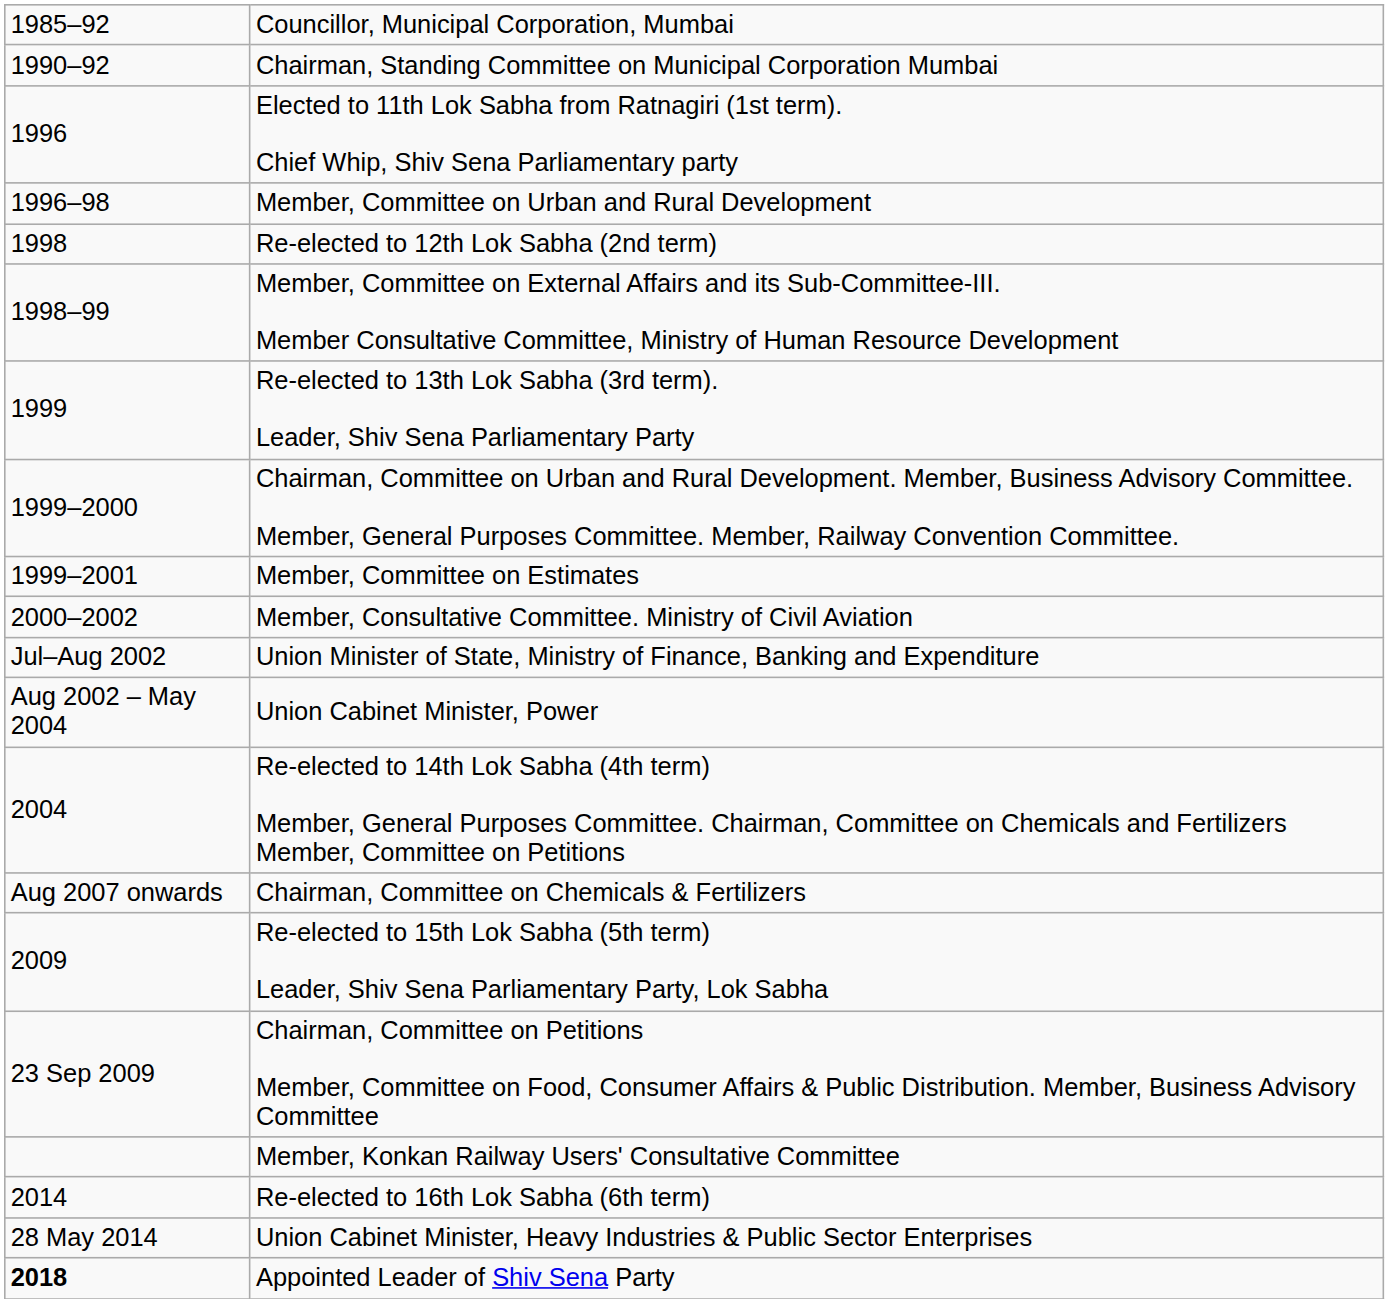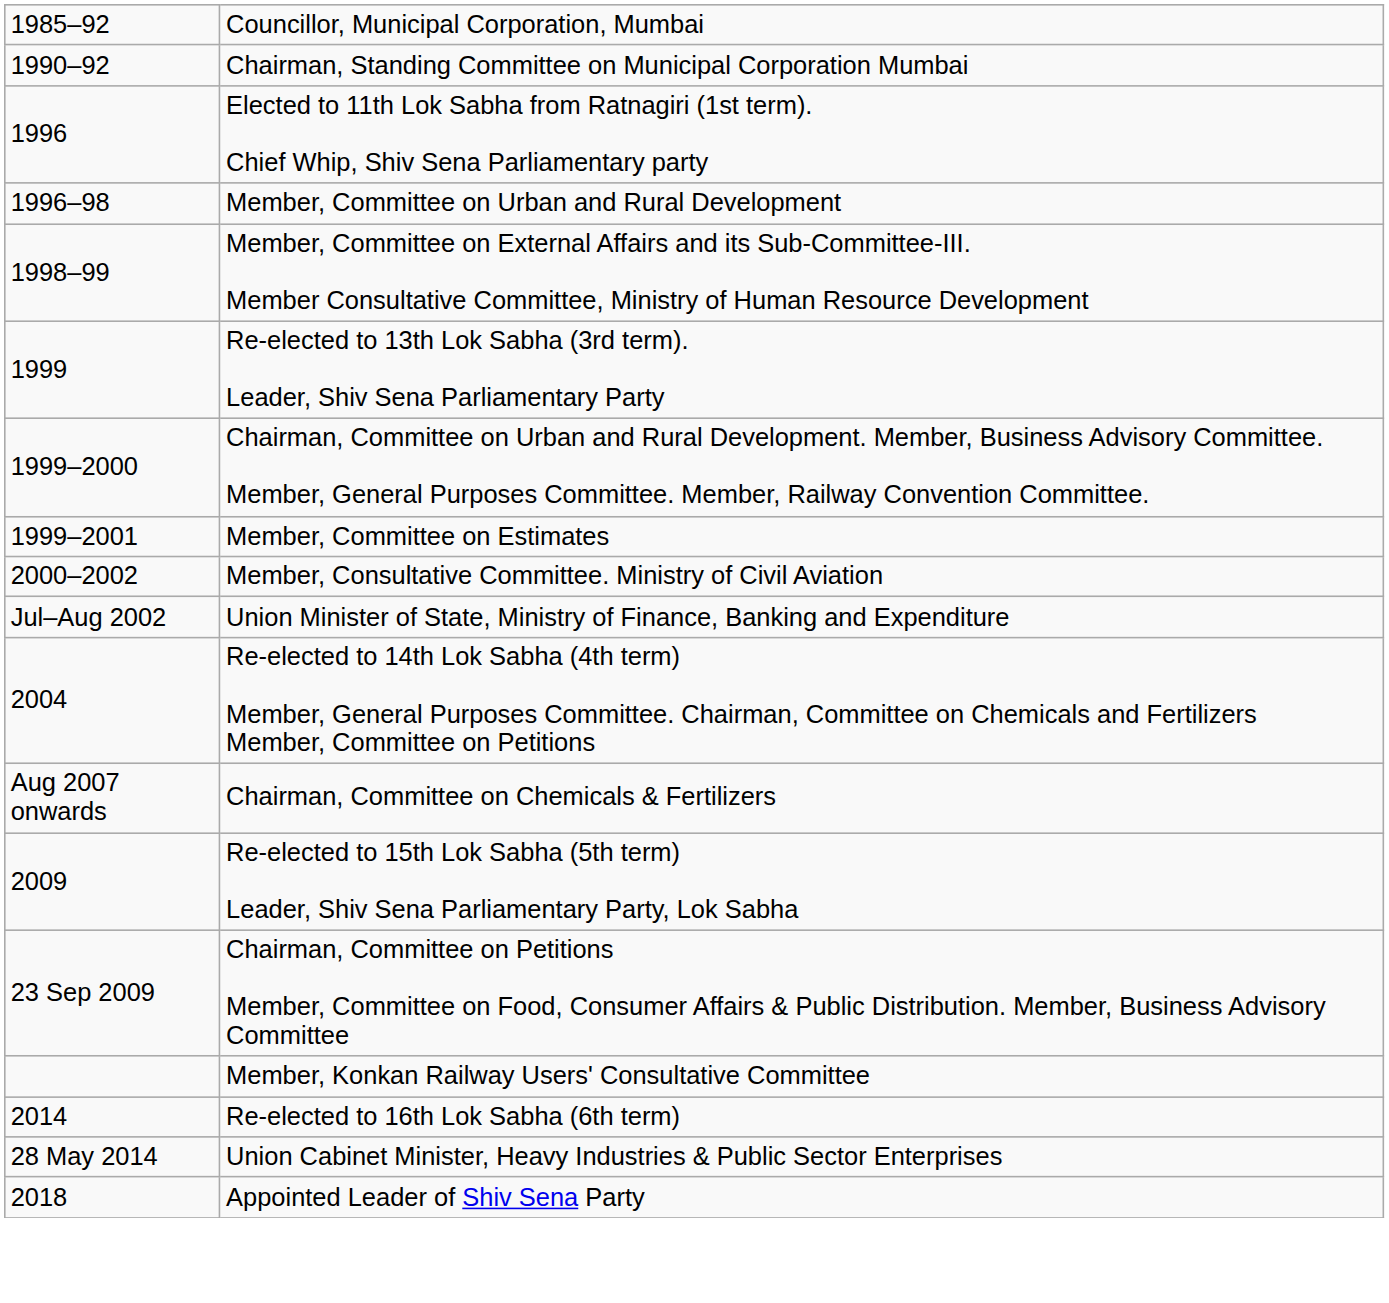 <table class="wikitable">
 <tr>
 <td>1985–92</td>
 <td>Councillor, Municipal Corporation, Mumbai</td>
 </tr>
 <tr>
 <td>1990–92</td>
 <td>Chairman, Standing Committee on Municipal Corporation Mumbai</td>
 </tr>
 <tr>
 <td>1996</td>
 <td>Elected to 11th Lok Sabha from Ratnagiri (1st term). <br><br>Chief Whip, Shiv Sena Parliamentary party</td>
 </tr>
 <tr>
 <td>1996–98</td>
 <td>Member, Committee on Urban and Rural Development</td>
-</tr>
-<tr>
-<td>1998</td>
-<td>Re-elected to 12th Lok Sabha (2nd term)</td>
 </tr>
 <tr>
 <td>1998–99</td>
 <td>Member, Committee on External Affairs and its Sub-Committee-III. <br><br>Member Consultative Committee, Ministry of Human Resource Development</td>
 </tr>
 <tr>
 <td>1999</td>
 <td>Re-elected to 13th Lok Sabha (3rd term). <br><br>Leader, Shiv Sena Parliamentary Party</td>
 </tr>
 <tr>
 <td>1999–2000</td>
 <td>Chairman, Committee on Urban and Rural Development. Member, Business Advisory Committee. <br><br>Member, General Purposes Committee. Member, Railway Convention Committee.</td>
 </tr>
 <tr>
 <td>1999–2001</td>
 <td>Member, Committee on Estimates</td>
 </tr>
 <tr>
 <td>2000–2002</td>
 <td>Member, Consultative Committee.  Ministry of Civil Aviation</td>
 </tr>
 <tr>
 <td>Jul–Aug 2002</td>
 <td>Union Minister of State, Ministry of Finance, Banking and Expenditure</td>
-</tr>
-<tr>
-<td>Aug 2002 – May 2004</td>
-<td>Union Cabinet Minister, Power</td>
 </tr>
 <tr>
 <td>2004</td>
 <td>Re-elected to 14th Lok Sabha (4th term)<br><br>Member, General Purposes Committee. Chairman, Committee on Chemicals and Fertilizers<br> Member, Committee on Petitions</td>
 </tr>
 <tr>
 <td>Aug 2007 onwards</td>
 <td>Chairman, Committee on Chemicals & Fertilizers</td>
 </tr>
 <tr>
 <td>2009</td>
 <td>Re-elected to 15th Lok Sabha (5th term)<br><br>Leader, Shiv Sena Parliamentary Party, Lok Sabha</td>
 </tr>
 <tr>
 <td>23 Sep 2009</td>
 <td>Chairman, Committee on Petitions<br><br>Member, Committee on Food, Consumer Affairs & Public Distribution. Member, Business Advisory Committee</td>
 </tr>
 <tr>
 <td></td>
 <td>Member, Konkan Railway Users' Consultative Committee</td>
 </tr>
 <tr>
 <td>2014</td>
 <td>Re-elected to 16th Lok Sabha (6th term)</td>
 </tr>
 <tr>
 <td>28 May 2014</td>
 <td>Union Cabinet Minister, Heavy Industries & Public Sector Enterprises</td>
 </tr>
 <tr>
-<td><strong>2018</strong></td>
+<td>2018</td>
 <td>Appointed Leader of <a href='#'>Shiv Sena</a> Party</td>
 </tr>
 </table>
